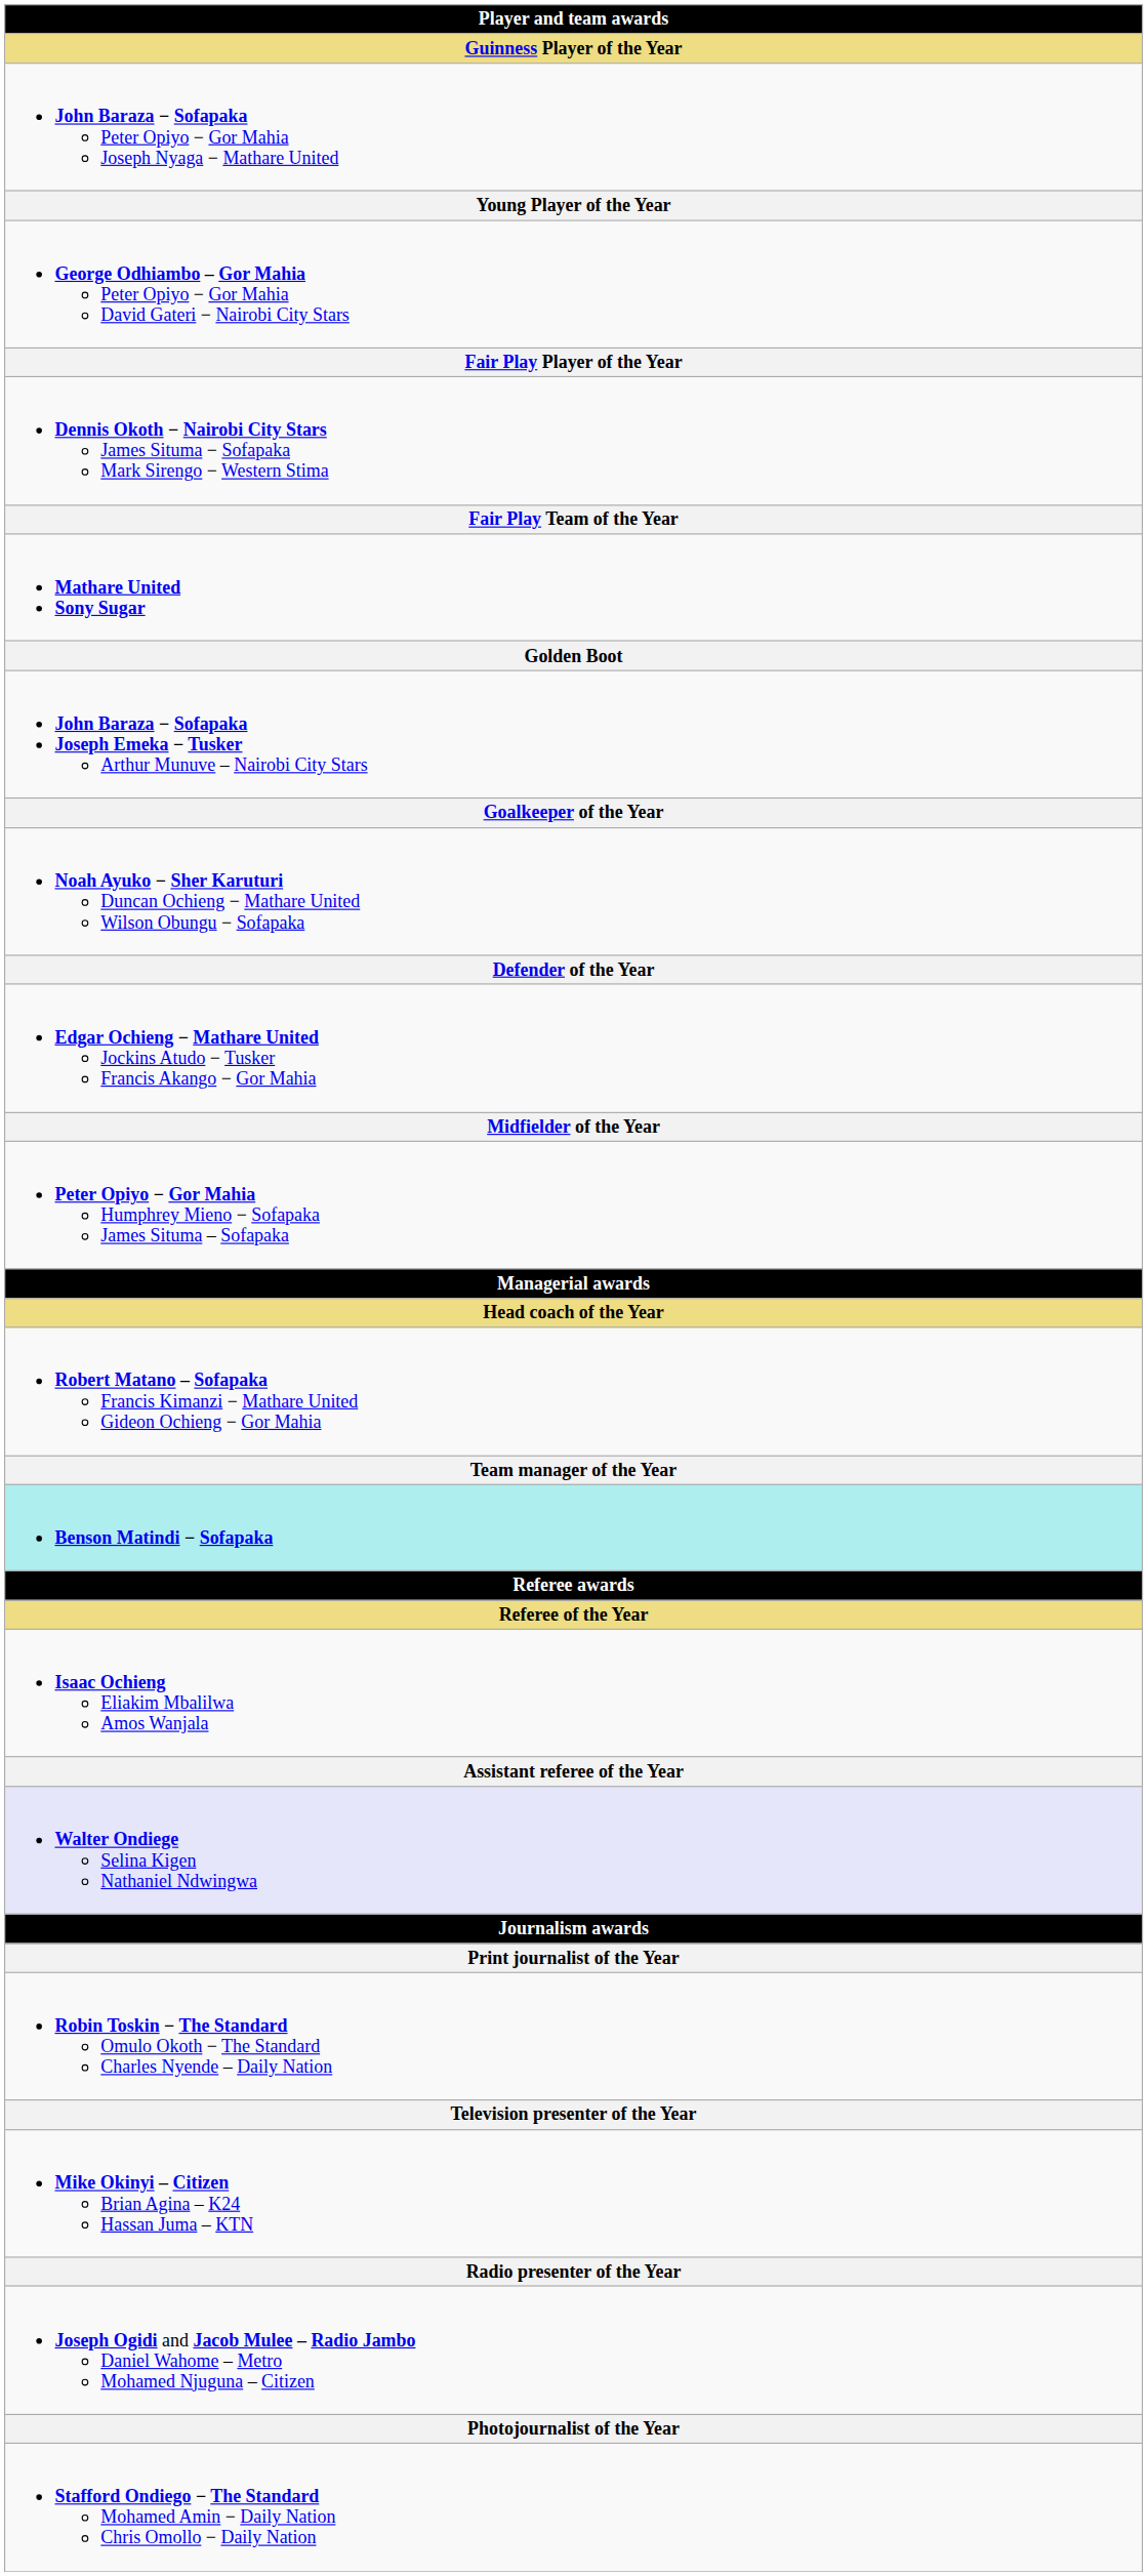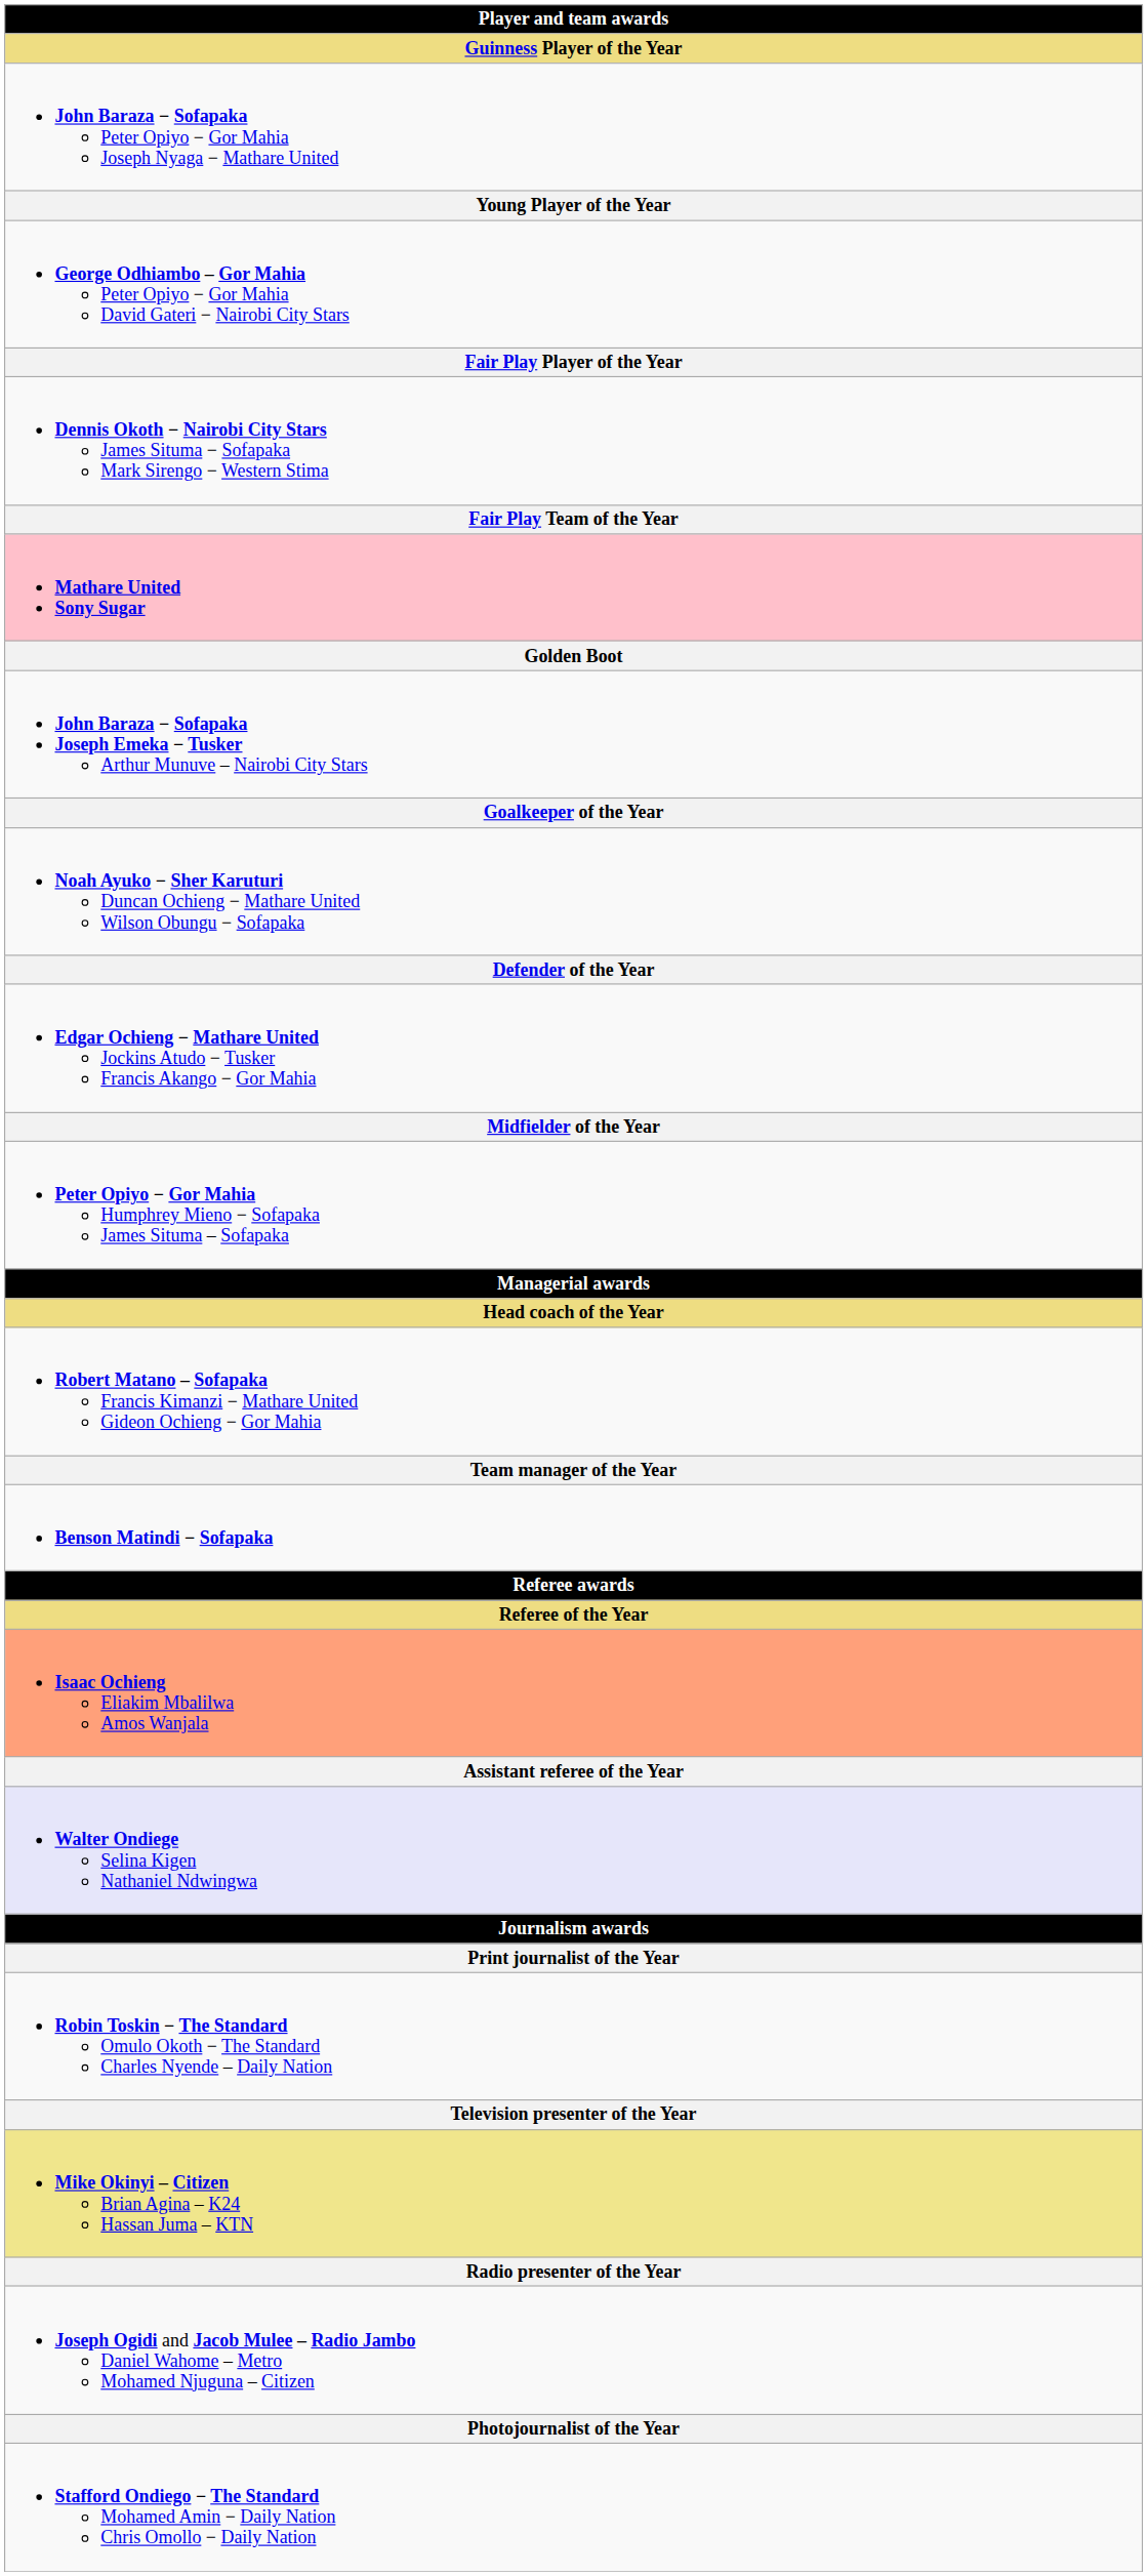 <table class="wikitable" width="50%">
 <tr>
 <th style="background:#000000; color: #FFFFFF">Player and team awards</th>
 </tr>
 <tr>
 <th style="background:#EEDD82;"><a href='#'>Guinness</a> Player of the Year</th>
 </tr>
 <tr>
 <td valign="top"><br><ul><li><strong> <a href='#'>John Baraza</a> − <a href='#'>Sofapaka</a></strong><ul><li> <a href='#'>Peter Opiyo</a> − <a href='#'>Gor Mahia</a></li><li> <a href='#'>Joseph Nyaga</a> − <a href='#'>Mathare United</a></li></ul></li></ul></td>
 </tr>
 <tr>
 <th>Young Player of the Year</th>
 </tr>
 <tr>
 <td valign="top"><br><ul><li><strong> <a href='#'>George Odhiambo</a> – <a href='#'>Gor Mahia</a></strong><ul><li> <a href='#'>Peter Opiyo</a> − <a href='#'>Gor Mahia</a></li><li> <a href='#'>David Gateri</a> − <a href='#'>Nairobi City Stars</a></li></ul></li></ul></td>
 </tr>
 <tr>
 <th><a href='#'>Fair Play</a> Player of the Year</th>
 </tr>
 <tr>
 <td valign="top"><br><ul><li><strong> <a href='#'>Dennis Okoth</a> − <a href='#'>Nairobi City Stars</a></strong><ul><li> <a href='#'>James Situma</a> − <a href='#'>Sofapaka</a></li><li> <a href='#'>Mark Sirengo</a> − <a href='#'>Western Stima</a></li></ul></li></ul></td>
 </tr>
 <tr>
 <th><a href='#'>Fair Play</a> Team of the Year</th>
 </tr>
 <tr>
-<td valign="top"><br><ul><li><strong><a href='#'>Mathare United</a></strong></li><li><strong><a href='#'>Sony Sugar</a></strong></li></ul></td>
+<td valign="top" style="background: pink;"><br><ul><li><strong><a href='#'>Mathare United</a></strong></li><li><strong><a href='#'>Sony Sugar</a></strong></li></ul></td>
 </tr>
 <tr>
 <th>Golden Boot</th>
 </tr>
 <tr>
 <td valign="top"><br><ul><li><strong> <a href='#'>John Baraza</a> − <a href='#'>Sofapaka</a></strong></li><li><strong> <a href='#'>Joseph Emeka</a> − <a href='#'>Tusker</a></strong><ul><li> <a href='#'>Arthur Munuve</a> – <a href='#'>Nairobi City Stars</a></li></ul></li></ul></td>
 </tr>
 <tr>
 <th><a href='#'>Goalkeeper</a> of the Year</th>
 </tr>
 <tr>
 <td valign="top"><br><ul><li><strong> <a href='#'>Noah Ayuko</a> − <a href='#'>Sher Karuturi</a></strong><ul><li> <a href='#'>Duncan Ochieng</a> − <a href='#'>Mathare United</a></li><li> <a href='#'>Wilson Obungu</a> − <a href='#'>Sofapaka</a></li></ul></li></ul></td>
 </tr>
 <tr>
 <th><a href='#'>Defender</a> of the Year</th>
 </tr>
 <tr>
 <td valign="top"><br><ul><li><strong> <a href='#'>Edgar Ochieng</a> − <a href='#'>Mathare United</a></strong><ul><li> <a href='#'>Jockins Atudo</a> − <a href='#'>Tusker</a></li><li> <a href='#'>Francis Akango</a> − <a href='#'>Gor Mahia</a></li></ul></li></ul></td>
 </tr>
 <tr>
 <th><a href='#'>Midfielder</a> of the Year</th>
 </tr>
 <tr>
 <td valign="top"><br><ul><li><strong> <a href='#'>Peter Opiyo</a> − <a href='#'>Gor Mahia</a></strong><ul><li> <a href='#'>Humphrey Mieno</a> − <a href='#'>Sofapaka</a></li><li> <a href='#'>James Situma</a> – <a href='#'>Sofapaka</a></li></ul></li></ul></td>
 </tr>
 <tr>
 <th style="background:#000000; color: #FFFFFF">Managerial awards</th>
 </tr>
 <tr>
 <th style="background:#EEDD82;">Head coach of the Year</th>
 </tr>
 <tr>
 <td valign="top"><br><ul><li><strong> <a href='#'>Robert Matano</a> – <a href='#'>Sofapaka</a></strong><ul><li> <a href='#'>Francis Kimanzi</a> − <a href='#'>Mathare United</a></li><li> <a href='#'>Gideon Ochieng</a> − <a href='#'>Gor Mahia</a></li></ul></li></ul></td>
 </tr>
 <tr>
 <th>Team manager of the Year</th>
 </tr>
 <tr>
-<td valign="top" style="background: paleturquoise;"><br><ul><li><strong> <a href='#'>Benson Matindi</a> − <a href='#'>Sofapaka</a></strong></li></ul></td>
+<td valign="top"><br><ul><li><strong> <a href='#'>Benson Matindi</a> − <a href='#'>Sofapaka</a></strong></li></ul></td>
 </tr>
 <tr>
 <th style="background:#000000; color: #FFFFFF">Referee awards</th>
 </tr>
 <tr>
 <th style="background:#EEDD82;">Referee of the Year</th>
 </tr>
 <tr>
-<td valign="top"><br><ul><li><strong><a href='#'>Isaac Ochieng</a></strong><ul><li><a href='#'>Eliakim Mbalilwa</a></li><li><a href='#'>Amos Wanjala</a></li></ul></li></ul></td>
+<td valign="top" style="background: lightsalmon;"><br><ul><li><strong><a href='#'>Isaac Ochieng</a></strong><ul><li><a href='#'>Eliakim Mbalilwa</a></li><li><a href='#'>Amos Wanjala</a></li></ul></li></ul></td>
 </tr>
 <tr>
 <th>Assistant referee of the Year</th>
 </tr>
 <tr>
 <td valign="top" style="background: lavender;"><br><ul><li><strong><a href='#'>Walter Ondiege</a></strong><ul><li><a href='#'>Selina Kigen</a></li><li><a href='#'>Nathaniel Ndwingwa</a></li></ul></li></ul></td>
 </tr>
 <tr>
 <th style="background:#000000; color: #FFFFFF">Journalism awards</th>
 </tr>
 <tr>
 <th>Print journalist of the Year</th>
 </tr>
 <tr>
 <td valign="top"><br><ul><li><strong> <a href='#'>Robin Toskin</a> − <a href='#'>The Standard</a></strong><ul><li> <a href='#'>Omulo Okoth</a> − <a href='#'>The Standard</a></li><li> <a href='#'>Charles Nyende</a> – <a href='#'>Daily Nation</a></li></ul></li></ul></td>
 </tr>
 <tr>
 <th>Television presenter of the Year</th>
 </tr>
 <tr>
-<td valign="top"><br><ul><li><strong> <a href='#'>Mike Okinyi</a> – <a href='#'>Citizen</a></strong><ul><li> <a href='#'>Brian Agina</a> – <a href='#'>K24</a></li><li> <a href='#'>Hassan Juma</a> – <a href='#'>KTN</a></li></ul></li></ul></td>
+<td valign="top" style="background: khaki;"><br><ul><li><strong> <a href='#'>Mike Okinyi</a> – <a href='#'>Citizen</a></strong><ul><li> <a href='#'>Brian Agina</a> – <a href='#'>K24</a></li><li> <a href='#'>Hassan Juma</a> – <a href='#'>KTN</a></li></ul></li></ul></td>
 </tr>
 <tr>
 <th>Radio presenter of the Year</th>
 </tr>
 <tr>
 <td valign="top"><br><ul><li><strong> <a href='#'>Joseph Ogidi</a></strong> and <strong> <a href='#'>Jacob Mulee</a> – <a href='#'>Radio Jambo</a></strong><ul><li> <a href='#'>Daniel Wahome</a> – <a href='#'>Metro</a></li><li> <a href='#'>Mohamed Njuguna</a> – <a href='#'>Citizen</a></li></ul></li></ul></td>
 </tr>
 <tr>
 <th>Photojournalist of the Year</th>
 </tr>
 <tr>
 <td valign="top"><br><ul><li><strong> <a href='#'>Stafford Ondiego</a> − <a href='#'>The Standard</a></strong><ul><li> <a href='#'>Mohamed Amin</a> − <a href='#'>Daily Nation</a></li><li> <a href='#'>Chris Omollo</a> − <a href='#'>Daily Nation</a></li></ul></li></ul></td>
 </tr>
 </table>
